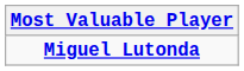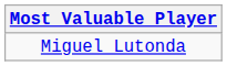 <table class=wikitable style="text-align:center; margin:auto">
 <tr>
 <th><a href='#'>Most Valuable Player</a></th>
 </tr>
 <tr>
-<td><strong> <a href='#'>Miguel Lutonda</a></strong></td>
+<td> <a href='#'>Miguel Lutonda</a></td>
 </tr>
 </table>
